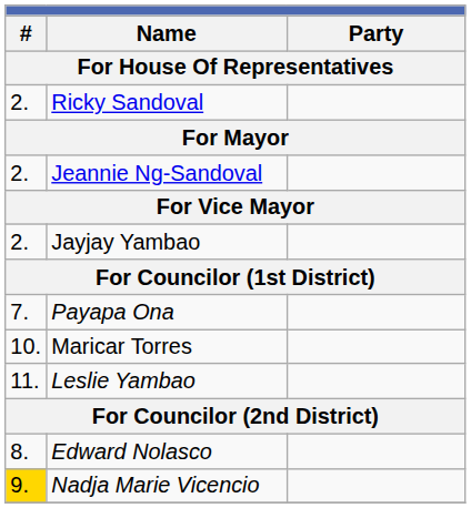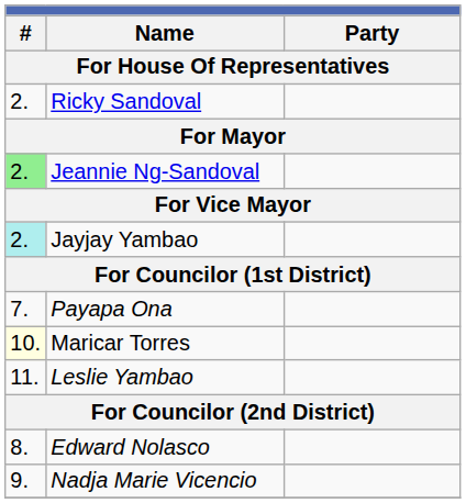 <table class=wikitable style="font-size:90%">
 <tr>
 <td colspan=5 bgcolor=#4c68b1></td>
 </tr>
 <tr>
 <th>#</th>
 <th width=150px>Name</th>
 <th colspan=2 width=110px>Party</th>
 </tr>
 <tr>
 <th colspan=5>For House Of Representatives</th>
 </tr>
 <tr>
 <td>2.</td>
 <td><a href='#'>Ricky Sandoval</a></td>
 <td></td>
 </tr>
 <tr>
 <th colspan=5>For Mayor</th>
 </tr>
 <tr>
-<td>2.</td>
+<td style="background: lightgreen;">2.</td>
 <td><a href='#'>Jeannie Ng-Sandoval</a></td>
 <td></td>
 </tr>
 <tr>
 <th colspan=5>For Vice Mayor</th>
 </tr>
 <tr>
-<td>2.</td>
+<td style="background: paleturquoise;">2.</td>
 <td>Jayjay Yambao</td>
 <td></td>
 </tr>
 <tr>
 <th colspan=5>For Councilor (1st District)</th>
 </tr>
 <tr>
 <td>7.</td>
 <td><em>Payapa Ona</em></td>
 <td></td>
 </tr>
 <tr>
-<td>10.</td>
+<td style="background: lightyellow;">10.</td>
 <td>Maricar Torres</td>
 <td></td>
 </tr>
 <tr>
 <td>11.</td>
 <td><em>Leslie Yambao</em></td>
 <td></td>
 </tr>
 <tr>
 <th colspan=5>For Councilor (2nd District)</th>
 </tr>
 <tr>
 <td>8.</td>
 <td><em>Edward Nolasco</em></td>
 <td></td>
 </tr>
 <tr>
-<td style="background: gold;">9.</td>
+<td>9.</td>
 <td><em>Nadja Marie Vicencio</em></td>
 <td></td>
 </tr>
 <tr>
 </tr>
 </table>
